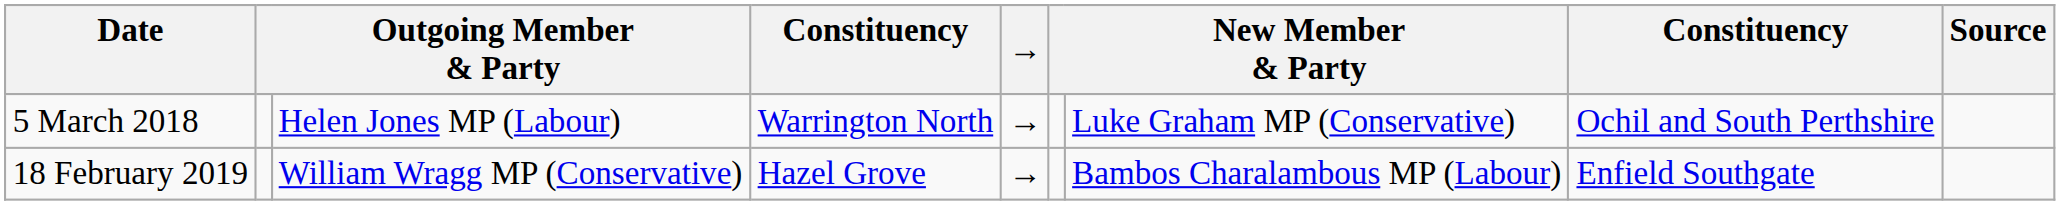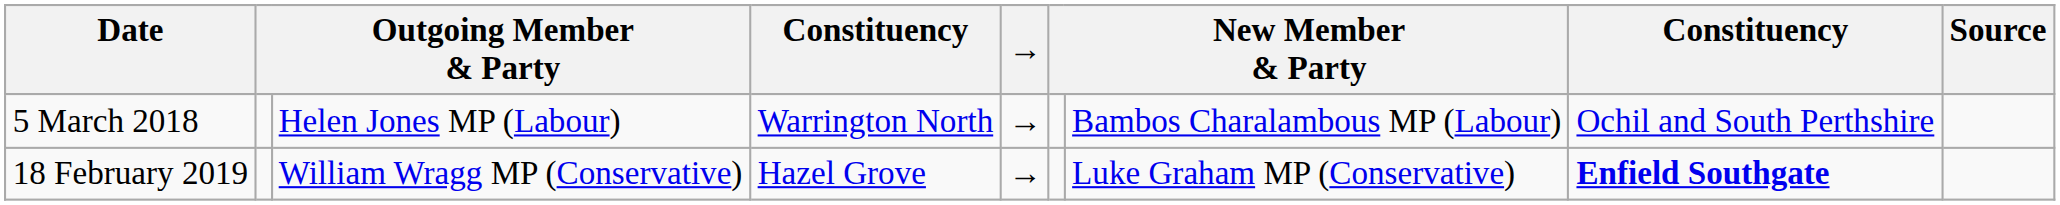 <table class="wikitable">
 <tr>
 <th valign="top">Date</th>
 <th colspan="2" valign="top">Outgoing Member<br>& Party</th>
 <th valign="top">Constituency</th>
 <th>→</th>
 <th colspan="2" valign="top">New Member<br>& Party</th>
 <th valign="top">Constituency</th>
 <th valign="top">Source</th>
 </tr>
 <tr>
 <td nowrap>5 March 2018</td>
 <td style="color:inherit;background:"></td>
 <td><a href='#'>Helen Jones</a> MP (<a href='#'>Labour</a>)</td>
 <td><a href='#'>Warrington North</a></td>
 <td>→</td>
 <td style="color:inherit;background:"></td>
-<td><a href='#'>Luke Graham</a> MP (<a href='#'>Conservative</a>)</td>
+<td><a href='#'>Bambos Charalambous</a> MP (<a href='#'>Labour</a>)</td>
 <td><a href='#'>Ochil and South Perthshire</a></td>
 <td></td>
 </tr>
 <tr>
 <td nowrap>18 February 2019</td>
 <td style="color:inherit;background:"></td>
 <td><a href='#'>William Wragg</a> MP (<a href='#'>Conservative</a>)</td>
 <td><a href='#'>Hazel Grove</a></td>
 <td>→</td>
 <td style="color:inherit;background:"></td>
-<td><a href='#'>Bambos Charalambous</a> MP (<a href='#'>Labour</a>)</td>
-<td><a href='#'>Enfield Southgate</a></td>
+<td><a href='#'>Luke Graham</a> MP (<a href='#'>Conservative</a>)</td>
+<td><strong><a href='#'>Enfield Southgate</a></strong></td>
 <td></td>
 </tr>
 </table>
